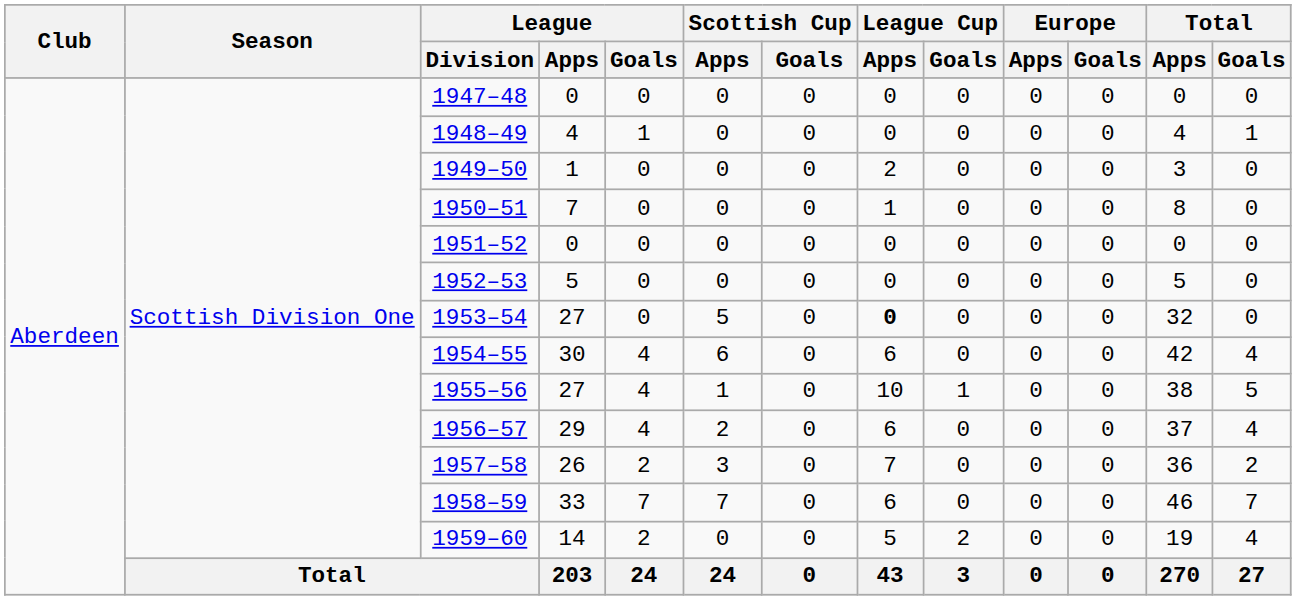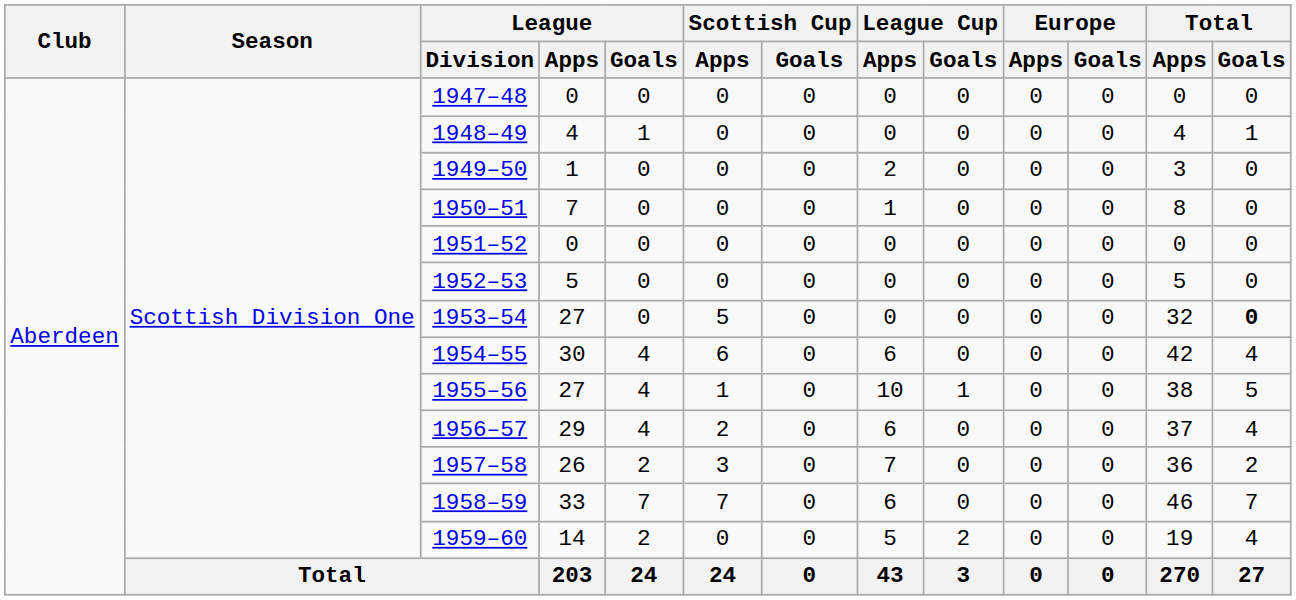 <table class="wikitable" style="text-align:center">
 <tr>
 <th rowspan="2">Club</th>
 <th rowspan="2">Season</th>
 <th colspan="3">League</th>
 <th colspan="2">Scottish Cup</th>
 <th colspan="2">League Cup</th>
 <th colspan="2">Europe</th>
 <th colspan="2">Total</th>
 </tr>
 <tr>
 <th>Division</th>
 <th>Apps</th>
 <th>Goals</th>
 <th>Apps</th>
 <th>Goals</th>
 <th>Apps</th>
 <th>Goals</th>
 <th>Apps</th>
 <th>Goals</th>
 <th>Apps</th>
 <th>Goals</th>
 </tr>
 <tr>
 <td rowspan="14"><a href='#'>Aberdeen</a></td>
 <td rowspan="13"><a href='#'>Scottish Division One</a></td>
 <td><a href='#'>1947–48</a></td>
 <td>0</td>
 <td>0</td>
 <td>0</td>
 <td>0</td>
 <td>0</td>
 <td>0</td>
 <td>0</td>
 <td>0</td>
 <td>0</td>
 <td>0</td>
 </tr>
 <tr>
 <td><a href='#'>1948–49</a></td>
 <td>4</td>
 <td>1</td>
 <td>0</td>
 <td>0</td>
 <td>0</td>
 <td>0</td>
 <td>0</td>
 <td>0</td>
 <td>4</td>
 <td>1</td>
 </tr>
 <tr>
 <td><a href='#'>1949–50</a></td>
 <td>1</td>
 <td>0</td>
 <td>0</td>
 <td>0</td>
 <td>2</td>
 <td>0</td>
 <td>0</td>
 <td>0</td>
 <td>3</td>
 <td>0</td>
 </tr>
 <tr>
 <td><a href='#'>1950–51</a></td>
 <td>7</td>
 <td>0</td>
 <td>0</td>
 <td>0</td>
 <td>1</td>
 <td>0</td>
 <td>0</td>
 <td>0</td>
 <td>8</td>
 <td>0</td>
 </tr>
 <tr>
 <td><a href='#'>1951–52</a></td>
 <td>0</td>
 <td>0</td>
 <td>0</td>
 <td>0</td>
 <td>0</td>
 <td>0</td>
 <td>0</td>
 <td>0</td>
 <td>0</td>
 <td>0</td>
 </tr>
 <tr>
 <td><a href='#'>1952–53</a></td>
 <td>5</td>
 <td>0</td>
 <td>0</td>
 <td>0</td>
 <td>0</td>
 <td>0</td>
 <td>0</td>
 <td>0</td>
 <td>5</td>
 <td>0</td>
 </tr>
 <tr>
 <td><a href='#'>1953–54</a></td>
 <td>27</td>
 <td>0</td>
 <td>5</td>
 <td>0</td>
-<td><strong>0</strong></td>
+<td>0</td>
 <td>0</td>
 <td>0</td>
 <td>0</td>
 <td>32</td>
-<td>0</td>
+<td><strong>0</strong></td>
 </tr>
 <tr>
 <td><a href='#'>1954–55</a></td>
 <td>30</td>
 <td>4</td>
 <td>6</td>
 <td>0</td>
 <td>6</td>
 <td>0</td>
 <td>0</td>
 <td>0</td>
 <td>42</td>
 <td>4</td>
 </tr>
 <tr>
 <td><a href='#'>1955–56</a></td>
 <td>27</td>
 <td>4</td>
 <td>1</td>
 <td>0</td>
 <td>10</td>
 <td>1</td>
 <td>0</td>
 <td>0</td>
 <td>38</td>
 <td>5</td>
 </tr>
 <tr>
 <td><a href='#'>1956–57</a></td>
 <td>29</td>
 <td>4</td>
 <td>2</td>
 <td>0</td>
 <td>6</td>
 <td>0</td>
 <td>0</td>
 <td>0</td>
 <td>37</td>
 <td>4</td>
 </tr>
 <tr>
 <td><a href='#'>1957–58</a></td>
 <td>26</td>
 <td>2</td>
 <td>3</td>
 <td>0</td>
 <td>7</td>
 <td>0</td>
 <td>0</td>
 <td>0</td>
 <td>36</td>
 <td>2</td>
 </tr>
 <tr>
 <td><a href='#'>1958–59</a></td>
 <td>33</td>
 <td>7</td>
 <td>7</td>
 <td>0</td>
 <td>6</td>
 <td>0</td>
 <td>0</td>
 <td>0</td>
 <td>46</td>
 <td>7</td>
 </tr>
 <tr>
 <td><a href='#'>1959–60</a></td>
 <td>14</td>
 <td>2</td>
 <td>0</td>
 <td>0</td>
 <td>5</td>
 <td>2</td>
 <td>0</td>
 <td>0</td>
 <td>19</td>
 <td>4</td>
 </tr>
 <tr>
 <th colspan="2">Total</th>
 <th>203</th>
 <th>24</th>
 <th>24</th>
 <th>0</th>
 <th>43</th>
 <th>3</th>
 <th>0</th>
 <th>0</th>
 <th>270</th>
 <th>27</th>
 </tr>
 </table>
